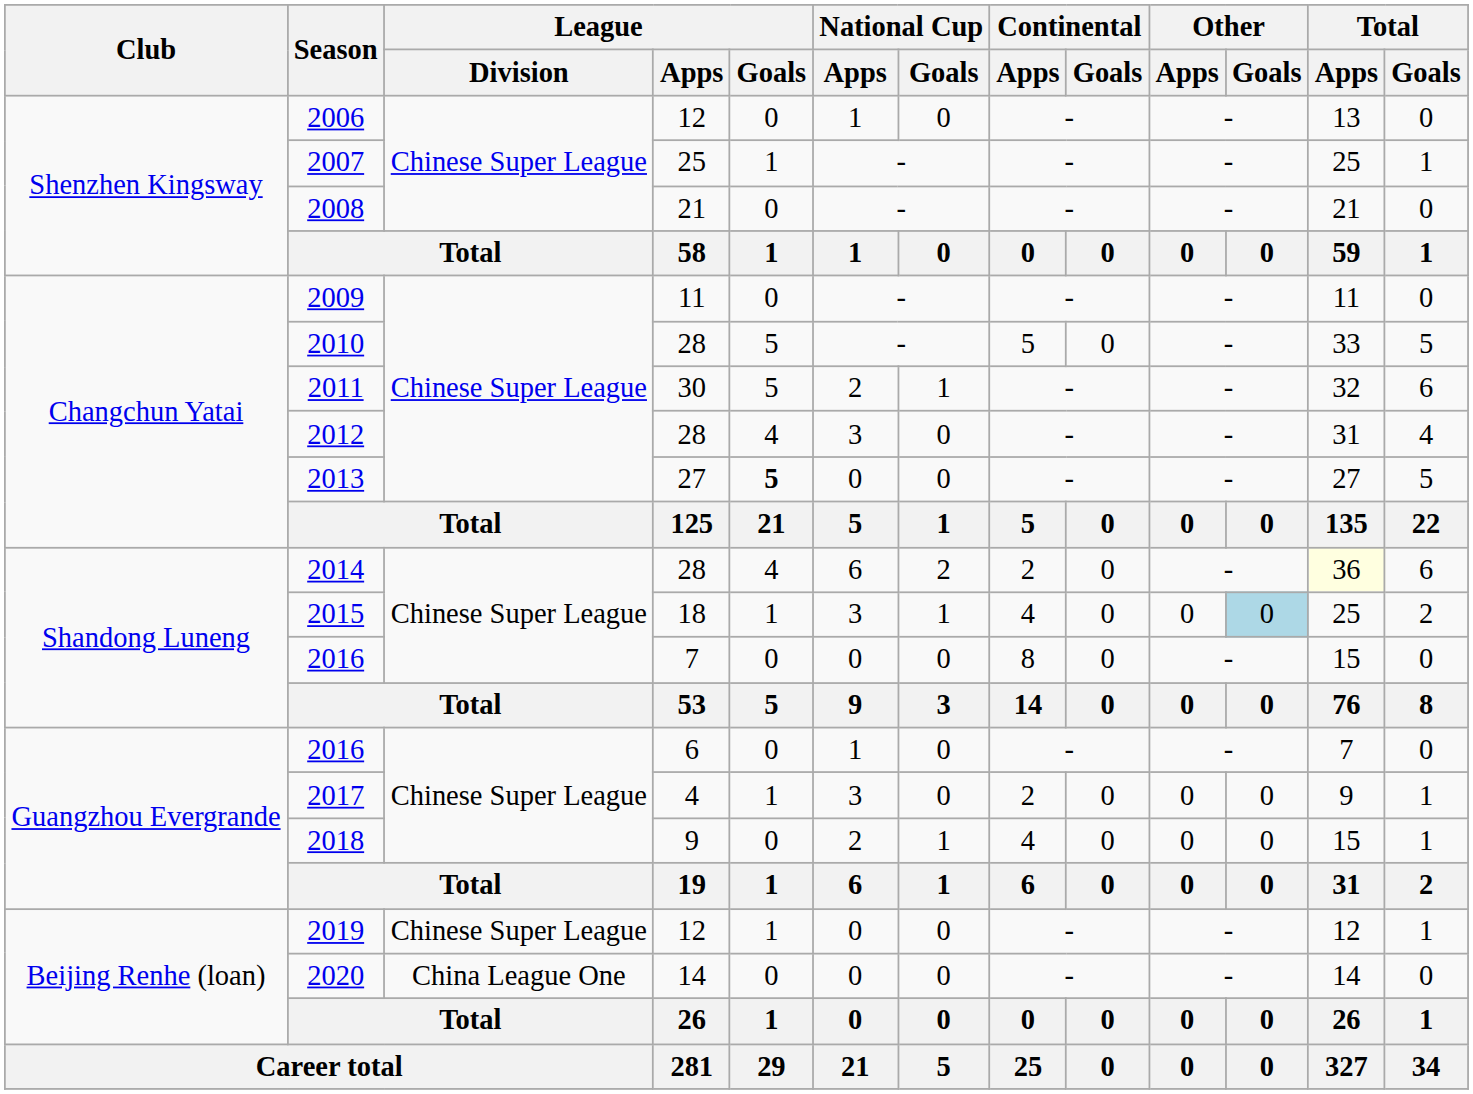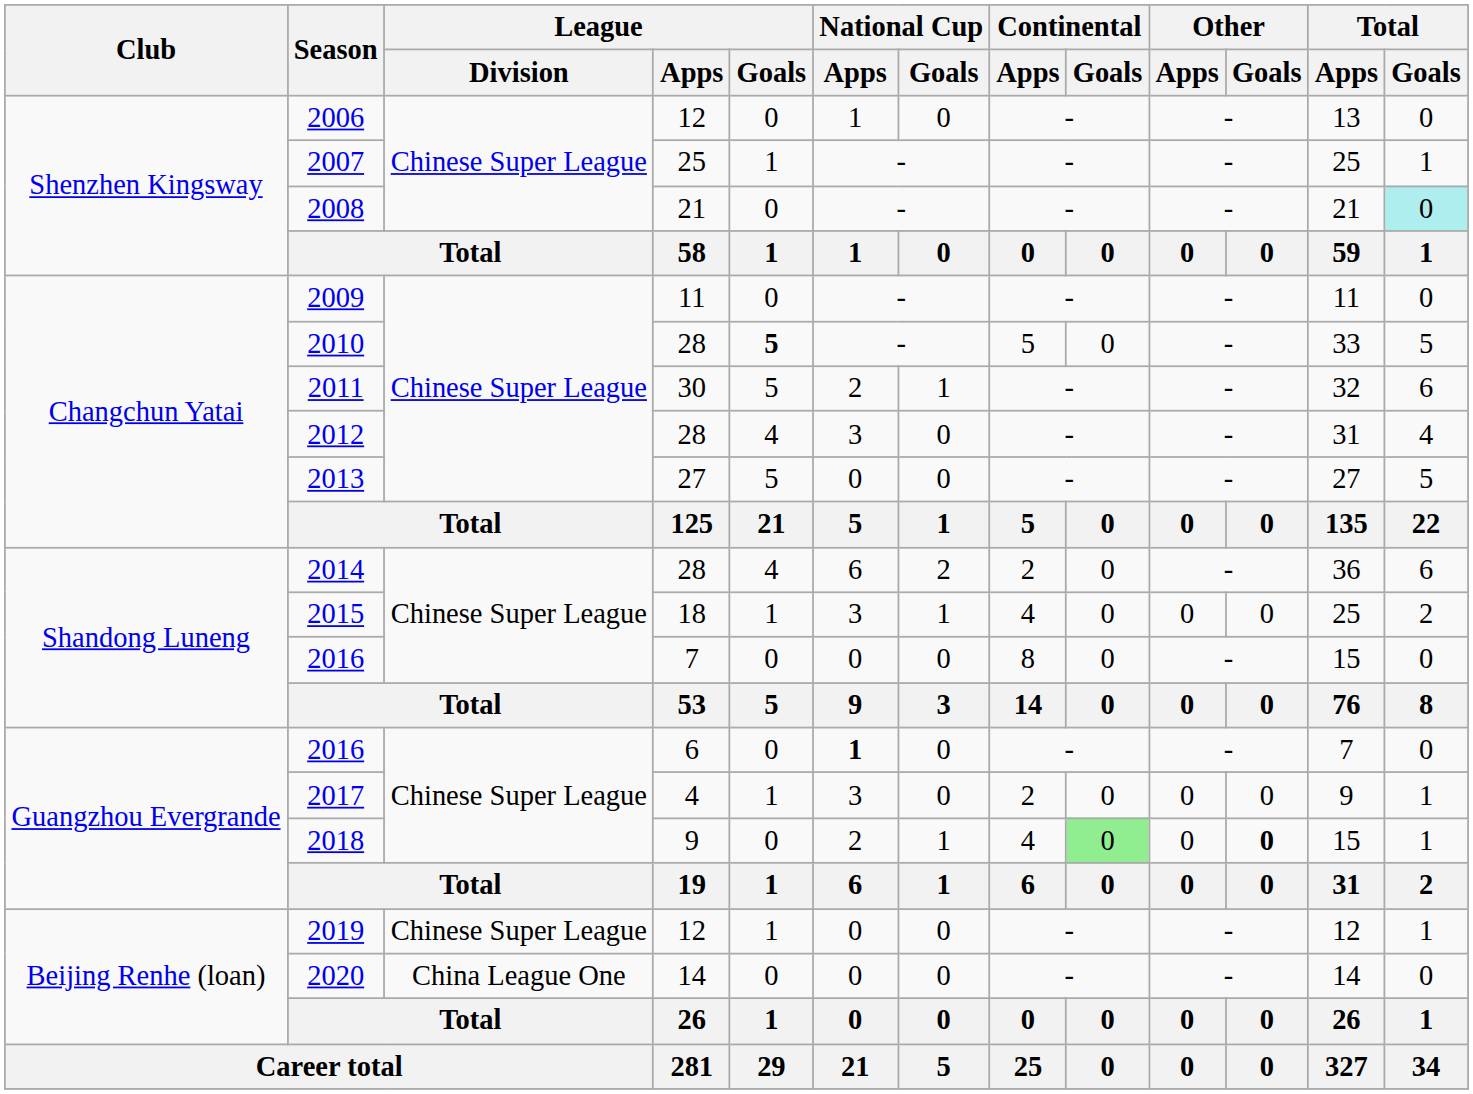 <table class="wikitable" style="text-align: center">
 <tr>
 <th rowspan="2">Club</th>
 <th rowspan="2">Season</th>
 <th colspan="3">League</th>
 <th colspan="2">National Cup</th>
 <th colspan="2">Continental</th>
 <th colspan="2">Other</th>
 <th colspan="2">Total</th>
 </tr>
 <tr>
 <th>Division</th>
 <th>Apps</th>
 <th>Goals</th>
 <th>Apps</th>
 <th>Goals</th>
 <th>Apps</th>
 <th>Goals</th>
 <th>Apps</th>
 <th>Goals</th>
 <th>Apps</th>
 <th>Goals</th>
 </tr>
 <tr>
 <td rowspan="4"><a href='#'>Shenzhen Kingsway</a></td>
 <td><a href='#'>2006</a></td>
 <td rowspan="3"><a href='#'>Chinese Super League</a></td>
 <td>12</td>
 <td>0</td>
 <td>1</td>
 <td>0</td>
 <td colspan="2">-</td>
 <td colspan="2">-</td>
 <td>13</td>
 <td>0</td>
 </tr>
 <tr>
 <td><a href='#'>2007</a></td>
 <td>25</td>
 <td>1</td>
 <td colspan="2">-</td>
 <td colspan="2">-</td>
 <td colspan="2">-</td>
 <td>25</td>
 <td>1</td>
 </tr>
 <tr>
 <td><a href='#'>2008</a></td>
 <td>21</td>
 <td>0</td>
 <td colspan="2">-</td>
 <td colspan="2">-</td>
 <td colspan="2">-</td>
 <td>21</td>
-<td>0</td>
+<td style="background: paleturquoise;">0</td>
 </tr>
 <tr>
 <th colspan="2"><strong>Total</strong></th>
 <th>58</th>
 <th>1</th>
 <th>1</th>
 <th>0</th>
 <th>0</th>
 <th>0</th>
 <th>0</th>
 <th>0</th>
 <th>59</th>
 <th>1</th>
 </tr>
 <tr>
 <td rowspan="6"><a href='#'>Changchun Yatai</a></td>
 <td><a href='#'>2009</a></td>
 <td rowspan="5"><a href='#'>Chinese Super League</a></td>
 <td>11</td>
 <td>0</td>
 <td colspan="2">-</td>
 <td colspan="2">-</td>
 <td colspan="2">-</td>
 <td>11</td>
 <td>0</td>
 </tr>
 <tr>
 <td><a href='#'>2010</a></td>
 <td>28</td>
-<td>5</td>
+<td><strong>5</strong></td>
 <td colspan="2">-</td>
 <td>5</td>
 <td>0</td>
 <td colspan="2">-</td>
 <td>33</td>
 <td>5</td>
 </tr>
 <tr>
 <td><a href='#'>2011</a></td>
 <td>30</td>
 <td>5</td>
 <td>2</td>
 <td>1</td>
 <td colspan="2">-</td>
 <td colspan="2">-</td>
 <td>32</td>
 <td>6</td>
 </tr>
 <tr>
 <td><a href='#'>2012</a></td>
 <td>28</td>
 <td>4</td>
 <td>3</td>
 <td>0</td>
 <td colspan="2">-</td>
 <td colspan="2">-</td>
 <td>31</td>
 <td>4</td>
 </tr>
 <tr>
 <td><a href='#'>2013</a></td>
 <td>27</td>
-<td><strong>5</strong></td>
+<td>5</td>
 <td>0</td>
 <td>0</td>
 <td colspan="2">-</td>
 <td colspan="2">-</td>
 <td>27</td>
 <td>5</td>
 </tr>
 <tr>
 <th colspan="2"><strong>Total</strong></th>
 <th>125</th>
 <th>21</th>
 <th>5</th>
 <th>1</th>
 <th>5</th>
 <th>0</th>
 <th>0</th>
 <th>0</th>
 <th>135</th>
 <th>22</th>
 </tr>
 <tr>
 <td rowspan="4"><a href='#'>Shandong Luneng</a></td>
 <td><a href='#'>2014</a></td>
 <td rowspan="3">Chinese Super League</td>
 <td>28</td>
 <td>4</td>
 <td>6</td>
 <td>2</td>
 <td>2</td>
 <td>0</td>
 <td colspan="2">-</td>
-<td style="background: lightyellow;">36</td>
+<td>36</td>
 <td>6</td>
 </tr>
 <tr>
 <td><a href='#'>2015</a></td>
 <td>18</td>
 <td>1</td>
 <td>3</td>
 <td>1</td>
 <td>4</td>
 <td>0</td>
 <td>0</td>
-<td style="background: lightblue;">0</td>
+<td>0</td>
 <td>25</td>
 <td>2</td>
 </tr>
 <tr>
 <td><a href='#'>2016</a></td>
 <td>7</td>
 <td>0</td>
 <td>0</td>
 <td>0</td>
 <td>8</td>
 <td>0</td>
 <td colspan="2">-</td>
 <td>15</td>
 <td>0</td>
 </tr>
 <tr>
 <th colspan="2"><strong>Total</strong></th>
 <th>53</th>
 <th>5</th>
 <th>9</th>
 <th>3</th>
 <th>14</th>
 <th>0</th>
 <th>0</th>
 <th>0</th>
 <th>76</th>
 <th>8</th>
 </tr>
 <tr>
 <td rowspan="4"><a href='#'>Guangzhou Evergrande</a></td>
 <td><a href='#'>2016</a></td>
 <td rowspan="3">Chinese Super League</td>
 <td>6</td>
 <td>0</td>
-<td>1</td>
+<td><strong>1</strong></td>
 <td>0</td>
 <td colspan="2">-</td>
 <td colspan="2">-</td>
 <td>7</td>
 <td>0</td>
 </tr>
 <tr>
 <td><a href='#'>2017</a></td>
 <td>4</td>
 <td>1</td>
 <td>3</td>
 <td>0</td>
 <td>2</td>
 <td>0</td>
 <td>0</td>
 <td>0</td>
 <td>9</td>
 <td>1</td>
 </tr>
 <tr>
 <td><a href='#'>2018</a></td>
 <td>9</td>
 <td>0</td>
 <td>2</td>
 <td>1</td>
 <td>4</td>
+<td style="background: lightgreen;">0</td>
 <td>0</td>
-<td>0</td>
-<td>0</td>
+<td><strong>0</strong></td>
 <td>15</td>
 <td>1</td>
 </tr>
 <tr>
 <th colspan="2"><strong>Total</strong></th>
 <th>19</th>
 <th>1</th>
 <th>6</th>
 <th>1</th>
 <th>6</th>
 <th>0</th>
 <th>0</th>
 <th>0</th>
 <th>31</th>
 <th>2</th>
 </tr>
 <tr>
 <td rowspan=3><a href='#'>Beijing Renhe</a> (loan)</td>
 <td><a href='#'>2019</a></td>
 <td>Chinese Super League</td>
 <td>12</td>
 <td>1</td>
 <td>0</td>
 <td>0</td>
 <td colspan="2">-</td>
 <td colspan="2">-</td>
 <td>12</td>
 <td>1</td>
 </tr>
 <tr>
 <td><a href='#'>2020</a></td>
 <td>China League One</td>
 <td>14</td>
 <td>0</td>
 <td>0</td>
 <td>0</td>
 <td colspan="2">-</td>
 <td colspan="2">-</td>
 <td>14</td>
 <td>0</td>
 </tr>
 <tr>
 <th colspan="2"><strong>Total</strong></th>
 <th>26</th>
 <th>1</th>
 <th>0</th>
 <th>0</th>
 <th>0</th>
 <th>0</th>
 <th>0</th>
 <th>0</th>
 <th>26</th>
 <th>1</th>
 </tr>
 <tr>
 <th colspan=3>Career total</th>
 <th>281</th>
 <th>29</th>
 <th>21</th>
 <th>5</th>
 <th>25</th>
 <th>0</th>
 <th>0</th>
 <th>0</th>
 <th>327</th>
 <th>34</th>
 </tr>
 </table>
